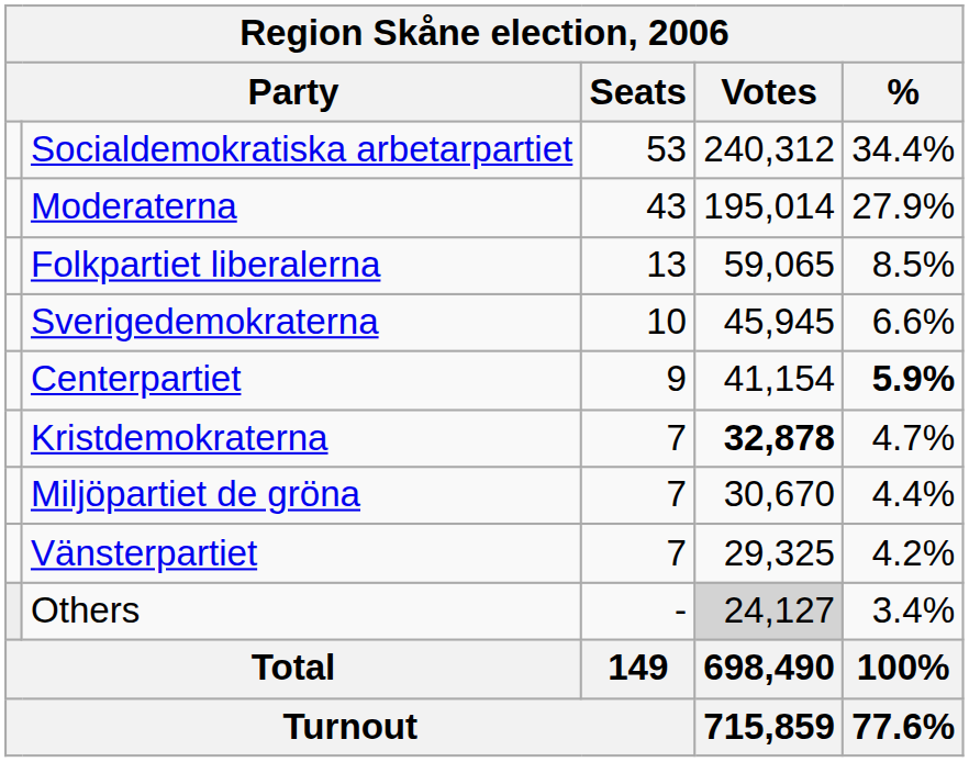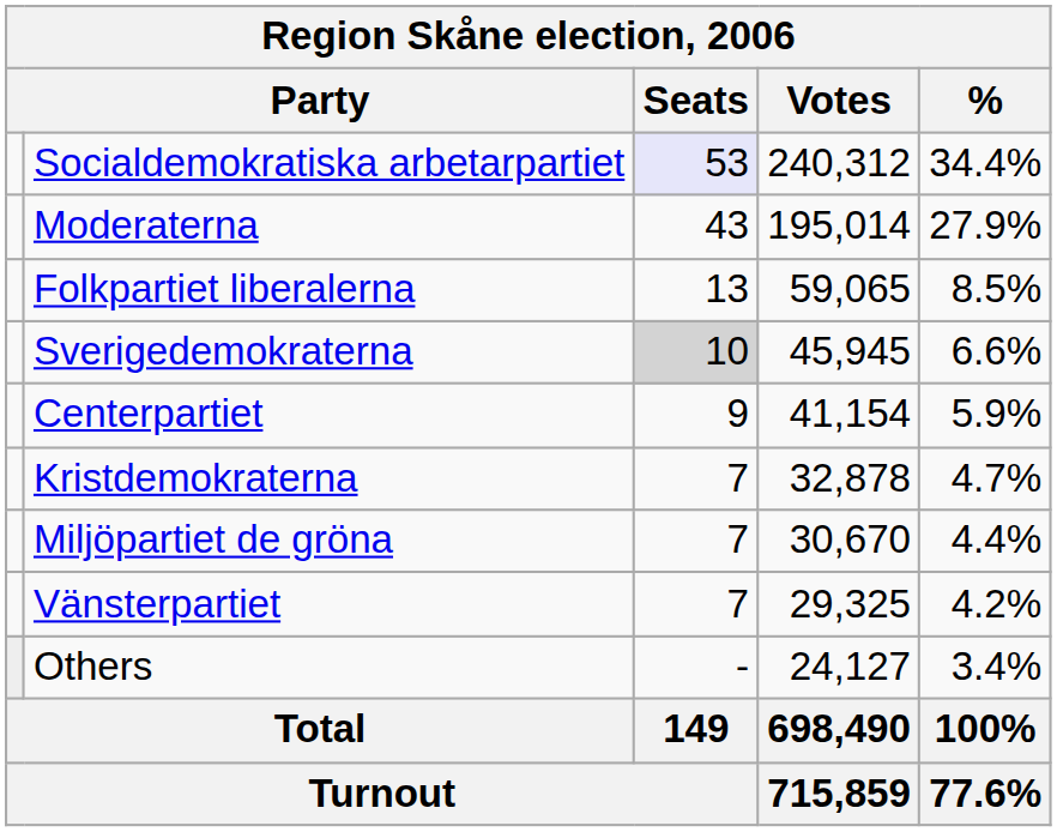 <table class="wikitable">
 <tr>
 <th colspan=7>Region Skåne election, 2006</th>
 </tr>
 <tr>
 <th colspan=2>Party</th>
 <th>Seats</th>
 <th>Votes</th>
 <th>%</th>
 </tr>
 <tr>
 <td bgcolor=></td>
 <td><a href='#'>Socialdemokratiska arbetarpartiet</a></td>
-<td align=right>53</td>
+<td align=right style="background: lavender;">53</td>
 <td align=right>240,312</td>
 <td align=right>34.4%</td>
 </tr>
 <tr>
 <td bgcolor=></td>
 <td><a href='#'>Moderaterna</a></td>
 <td align=right>43</td>
 <td align=right>195,014</td>
 <td align=right>27.9%</td>
 </tr>
 <tr>
 <td bgcolor=></td>
 <td><a href='#'>Folkpartiet liberalerna</a></td>
 <td align=right>13</td>
 <td align=right>59,065</td>
 <td align=right>8.5%</td>
 </tr>
 <tr>
 <td bgcolor=></td>
 <td><a href='#'>Sverigedemokraterna</a></td>
-<td align=right>10</td>
+<td align=right style="background: lightgrey;">10</td>
 <td align=right>45,945</td>
 <td align=right>6.6%</td>
 </tr>
 <tr>
 <td bgcolor=></td>
 <td><a href='#'>Centerpartiet</a></td>
 <td align=right>9</td>
 <td align=right>41,154</td>
-<td align=right><strong>5.9%</strong></td>
+<td align=right>5.9%</td>
 </tr>
 <tr>
 <td bgcolor=></td>
 <td><a href='#'>Kristdemokraterna</a></td>
 <td align=right>7</td>
-<td align=right><strong>32,878</strong></td>
+<td align=right>32,878</td>
 <td align=right>4.7%</td>
 </tr>
 <tr>
 <td bgcolor=></td>
 <td><a href='#'>Miljöpartiet de gröna</a></td>
 <td align=right>7</td>
 <td align=right>30,670</td>
 <td align=right>4.4%</td>
 </tr>
 <tr>
 <td bgcolor=></td>
 <td><a href='#'>Vänsterpartiet</a></td>
 <td align=right>7</td>
 <td align=right>29,325</td>
 <td align=right>4.2%</td>
 </tr>
 <tr>
 <td bgcolor=#eeeeee></td>
 <td>Others</td>
 <td align=right>-</td>
-<td align=right style="background: lightgrey;">24,127</td>
+<td align=right>24,127</td>
 <td align=right>3.4%</td>
 </tr>
 <tr>
 <th colspan=2>Total</th>
 <th align=right>149</th>
 <th align=right>698,490</th>
 <th align=right>100%</th>
 </tr>
 <tr>
 <th colspan=3>Turnout</th>
 <th align=right>715,859</th>
 <th align=right>77.6%</th>
 </tr>
 </table>
